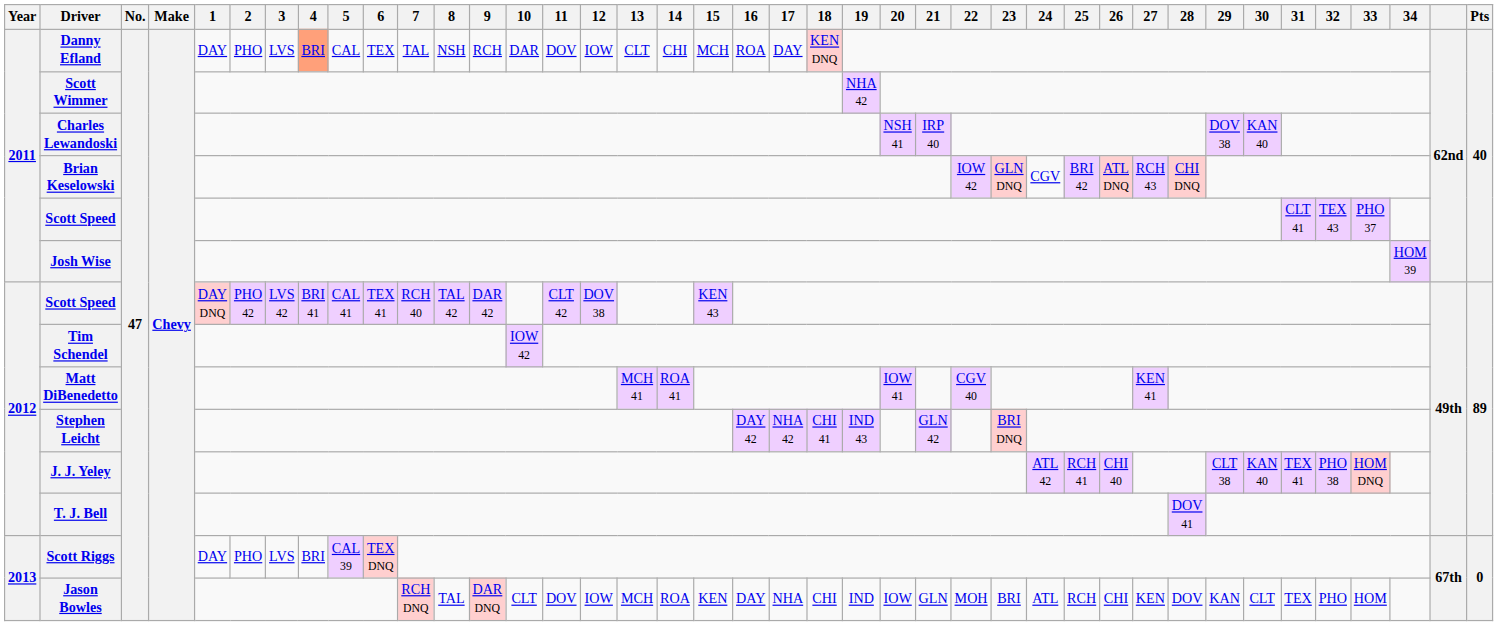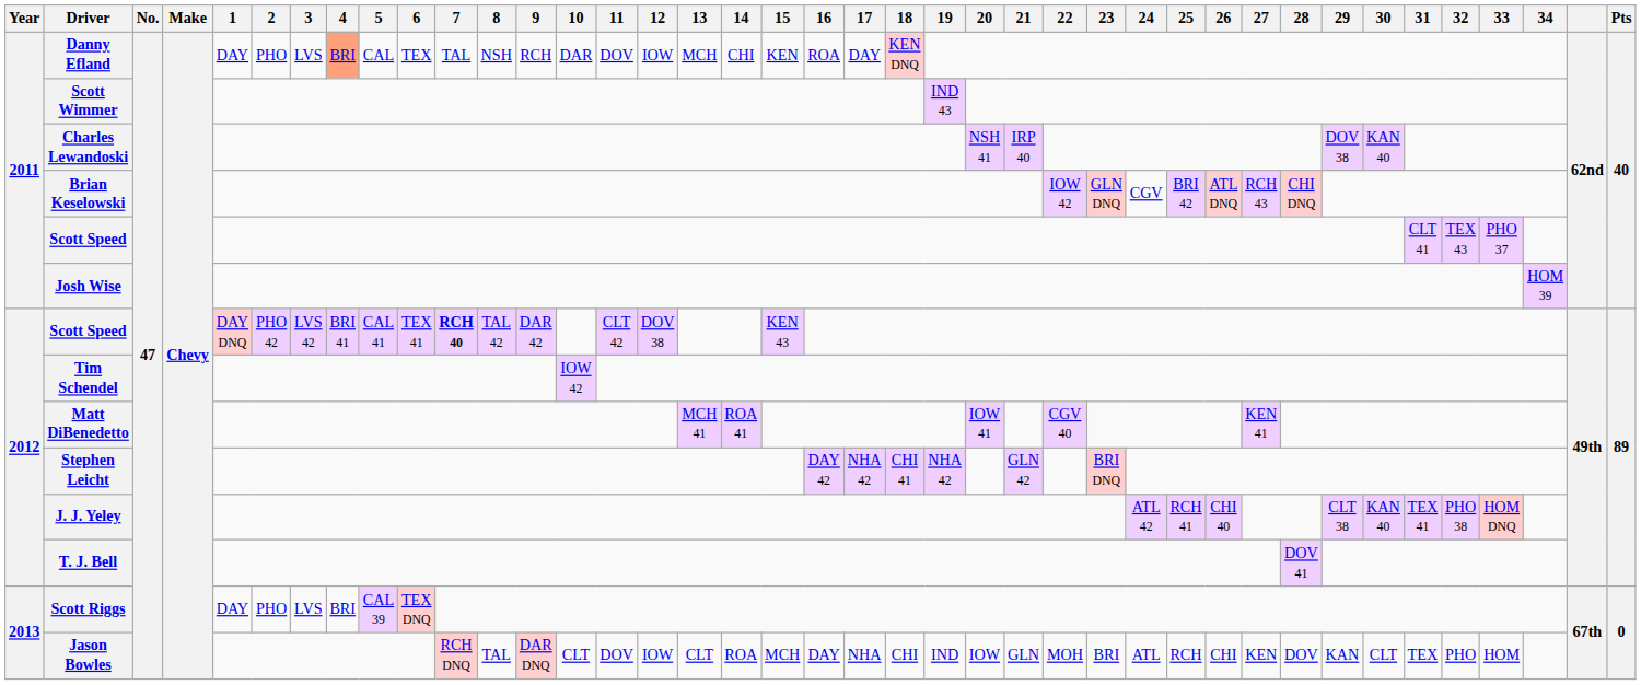 <table class="wikitable" style="text-align:center; font-size:75%">
 <tr>
 <th>Year</th>
 <th>Driver</th>
 <th>No.</th>
 <th>Make</th>
 <th>1</th>
 <th>2</th>
 <th>3</th>
 <th>4</th>
 <th>5</th>
 <th>6</th>
 <th>7</th>
 <th>8</th>
 <th>9</th>
 <th>10</th>
 <th>11</th>
 <th>12</th>
 <th>13</th>
 <th>14</th>
 <th>15</th>
 <th>16</th>
 <th>17</th>
 <th>18</th>
 <th>19</th>
 <th>20</th>
 <th>21</th>
 <th>22</th>
 <th>23</th>
 <th>24</th>
 <th>25</th>
 <th>26</th>
 <th>27</th>
 <th>28</th>
 <th>29</th>
 <th>30</th>
 <th>31</th>
 <th>32</th>
 <th>33</th>
 <th>34</th>
 <th></th>
 <th>Pts</th>
 </tr>
 <tr>
 <th rowspan=6><a href='#'>2011</a></th>
 <th><a href='#'>Danny Efland</a></th>
 <th rowspan=14>47</th>
 <th rowspan=14><a href='#'>Chevy</a></th>
 <td><a href='#'>DAY</a></td>
 <td><a href='#'>PHO</a></td>
 <td><a href='#'>LVS</a></td>
 <td style="background: lightsalmon;"><a href='#'>BRI</a></td>
 <td><a href='#'>CAL</a></td>
 <td><a href='#'>TEX</a></td>
 <td><a href='#'>TAL</a></td>
 <td><a href='#'>NSH</a></td>
 <td><a href='#'>RCH</a></td>
 <td><a href='#'>DAR</a></td>
 <td><a href='#'>DOV</a></td>
 <td><a href='#'>IOW</a></td>
-<td><a href='#'>CLT</a></td>
+<td><a href='#'>MCH</a></td>
 <td><a href='#'>CHI</a></td>
-<td><a href='#'>MCH</a></td>
+<td><a href='#'>KEN</a></td>
 <td><a href='#'>ROA</a></td>
 <td><a href='#'>DAY</a></td>
 <td style="background:#FFCFCF;"><a href='#'>KEN</a><br><small>DNQ</small></td>
 <td colspan=16></td>
 <th rowspan=6>62nd</th>
 <th rowspan=6>40</th>
 </tr>
 <tr>
 <th><a href='#'>Scott Wimmer</a></th>
 <td colspan=18></td>
-<td style="background:#EFCFFF;"><a href='#'>NHA</a><br><small>42</small></td>
+<td style="background:#EFCFFF;"><a href='#'>IND</a><br><small>43</small></td>
 <td colspan=15></td>
 </tr>
 <tr>
 <th><a href='#'>Charles Lewandoski</a></th>
 <td colspan=19></td>
 <td style="background:#EFCFFF;"><a href='#'>NSH</a><br><small>41</small></td>
 <td style="background:#EFCFFF;"><a href='#'>IRP</a><br><small>40</small></td>
 <td colspan=7></td>
 <td style="background:#EFCFFF;"><a href='#'>DOV</a><br><small>38</small></td>
 <td style="background:#EFCFFF;"><a href='#'>KAN</a><br><small>40</small></td>
 <td colspan=4></td>
 </tr>
 <tr>
 <th><a href='#'>Brian Keselowski</a></th>
 <td colspan=21></td>
 <td style="background:#EFCFFF;"><a href='#'>IOW</a><br><small>42</small></td>
 <td style="background:#FFCFCF;"><a href='#'>GLN</a><br><small>DNQ</small></td>
 <td><a href='#'>CGV</a></td>
 <td style="background:#EFCFFF;"><a href='#'>BRI</a><br><small>42</small></td>
 <td style="background:#FFCFCF;"><a href='#'>ATL</a><br><small>DNQ</small></td>
 <td style="background:#EFCFFF;"><a href='#'>RCH</a><br><small>43</small></td>
 <td style="background:#FFCFCF;"><a href='#'>CHI</a><br><small>DNQ</small></td>
 <td colspan=6></td>
 </tr>
 <tr>
 <th><a href='#'>Scott Speed</a></th>
 <td colspan=30></td>
 <td style="background:#EFCFFF;"><a href='#'>CLT</a><br><small>41</small></td>
 <td style="background:#EFCFFF;"><a href='#'>TEX</a><br><small>43</small></td>
 <td style="background:#EFCFFF;"><a href='#'>PHO</a><br><small>37</small></td>
 <td></td>
 </tr>
 <tr>
 <th><a href='#'>Josh Wise</a></th>
 <td colspan=33></td>
 <td style="background:#EFCFFF;"><a href='#'>HOM</a><br><small>39</small></td>
 </tr>
 <tr>
 <th rowspan=6><a href='#'>2012</a></th>
 <th><a href='#'>Scott Speed</a></th>
 <td style="background:#FFCFCF;"><a href='#'>DAY</a><br><small>DNQ</small></td>
 <td style="background:#EFCFFF;"><a href='#'>PHO</a><br><small>42</small></td>
 <td style="background:#EFCFFF;"><a href='#'>LVS</a><br><small>42</small></td>
 <td style="background:#EFCFFF;"><a href='#'>BRI</a><br><small>41</small></td>
 <td style="background:#EFCFFF;"><a href='#'>CAL</a><br><small>41</small></td>
 <td style="background:#EFCFFF;"><a href='#'>TEX</a><br><small>41</small></td>
-<td style="background:#EFCFFF;"><a href='#'>RCH</a><br><small>40</small></td>
+<td style="background:#EFCFFF;"><strong><a href='#'>RCH</a><br><small>40</small></strong></td>
 <td style="background:#EFCFFF;"><a href='#'>TAL</a><br><small>42</small></td>
 <td style="background:#EFCFFF;"><a href='#'>DAR</a><br><small>42</small></td>
 <td></td>
 <td style="background:#EFCFFF;"><a href='#'>CLT</a><br><small>42</small></td>
 <td style="background:#EFCFFF;"><a href='#'>DOV</a><br><small>38</small></td>
 <td colspan=2></td>
 <td style="background:#EFCFFF;"><a href='#'>KEN</a><br><small>43</small></td>
 <td colspan=19></td>
 <th rowspan=6>49th</th>
 <th rowspan=6>89</th>
 </tr>
 <tr>
 <th><a href='#'>Tim Schendel</a></th>
 <td colspan=9></td>
 <td style="background:#EFCFFF;"><a href='#'>IOW</a><br><small>42</small></td>
 <td colspan=24></td>
 </tr>
 <tr>
 <th><a href='#'>Matt DiBenedetto</a></th>
 <td colspan=12></td>
 <td style="background:#EFCFFF;"><a href='#'>MCH</a><br><small>41</small></td>
 <td style="background:#EFCFFF;"><a href='#'>ROA</a><br><small>41</small></td>
 <td colspan=5></td>
 <td style="background:#EFCFFF;"><a href='#'>IOW</a><br><small>41</small></td>
 <td></td>
 <td style="background:#EFCFFF;"><a href='#'>CGV</a><br><small>40</small></td>
 <td colspan=4></td>
 <td style="background:#EFCFFF;"><a href='#'>KEN</a><br><small>41</small></td>
 <td colspan=7></td>
 </tr>
 <tr>
 <th><a href='#'>Stephen Leicht</a></th>
 <td colspan=15></td>
 <td style="background:#EFCFFF;"><a href='#'>DAY</a><br><small>42</small></td>
 <td style="background:#EFCFFF;"><a href='#'>NHA</a><br><small>42</small></td>
 <td style="background:#EFCFFF;"><a href='#'>CHI</a><br><small>41</small></td>
-<td style="background:#EFCFFF;"><a href='#'>IND</a><br><small>43</small></td>
+<td style="background:#EFCFFF;"><a href='#'>NHA</a><br><small>42</small></td>
 <td></td>
 <td style="background:#EFCFFF;"><a href='#'>GLN</a><br><small>42</small></td>
 <td></td>
 <td style="background:#FFCFCF;"><a href='#'>BRI</a><br><small>DNQ</small></td>
 <td colspan=11></td>
 </tr>
 <tr>
 <th><a href='#'>J. J. Yeley</a></th>
 <td colspan=23></td>
 <td style="background:#EFCFFF;"><a href='#'>ATL</a><br><small>42</small></td>
 <td style="background:#EFCFFF;"><a href='#'>RCH</a><br><small>41</small></td>
 <td style="background:#EFCFFF;"><a href='#'>CHI</a><br><small>40</small></td>
 <td colspan=2></td>
 <td style="background:#EFCFFF;"><a href='#'>CLT</a><br><small>38</small></td>
 <td style="background:#EFCFFF;"><a href='#'>KAN</a><br><small>40</small></td>
 <td style="background:#EFCFFF;"><a href='#'>TEX</a><br><small>41</small></td>
 <td style="background:#EFCFFF;"><a href='#'>PHO</a><br><small>38</small></td>
 <td style="background:#FFCFCF;"><a href='#'>HOM</a><br><small>DNQ</small></td>
 <td></td>
 </tr>
 <tr>
 <th><a href='#'>T. J. Bell</a></th>
 <td colspan=27></td>
 <td style="background:#EFCFFF;"><a href='#'>DOV</a><br><small>41</small></td>
 <td colspan=6></td>
 </tr>
 <tr>
 <th rowspan=2><a href='#'>2013</a></th>
 <th><a href='#'>Scott Riggs</a></th>
 <td><a href='#'>DAY</a></td>
 <td><a href='#'>PHO</a></td>
 <td><a href='#'>LVS</a></td>
 <td><a href='#'>BRI</a></td>
 <td style="background:#efcfff;"><a href='#'>CAL</a><br><small>39</small></td>
 <td style="background:#ffcfcf;"><a href='#'>TEX</a><br><small>DNQ</small></td>
 <td colspan=28></td>
 <th rowspan=2>67th</th>
 <th rowspan=2>0</th>
 </tr>
 <tr>
 <th><a href='#'>Jason Bowles</a></th>
 <td colspan=6></td>
 <td style="background:#ffcfcf;"><a href='#'>RCH</a><br><small>DNQ</small></td>
 <td><a href='#'>TAL</a></td>
 <td style="background:#ffcfcf;"><a href='#'>DAR</a><br><small>DNQ</small></td>
 <td><a href='#'>CLT</a></td>
 <td><a href='#'>DOV</a></td>
 <td><a href='#'>IOW</a></td>
+<td><a href='#'>CLT</a></td>
+<td><a href='#'>ROA</a></td>
 <td><a href='#'>MCH</a></td>
-<td><a href='#'>ROA</a></td>
-<td><a href='#'>KEN</a></td>
 <td><a href='#'>DAY</a></td>
 <td><a href='#'>NHA</a></td>
 <td><a href='#'>CHI</a></td>
 <td><a href='#'>IND</a></td>
 <td><a href='#'>IOW</a></td>
 <td><a href='#'>GLN</a></td>
 <td><a href='#'>MOH</a></td>
 <td><a href='#'>BRI</a></td>
 <td><a href='#'>ATL</a></td>
 <td><a href='#'>RCH</a></td>
 <td><a href='#'>CHI</a></td>
 <td><a href='#'>KEN</a></td>
 <td><a href='#'>DOV</a></td>
 <td><a href='#'>KAN</a></td>
 <td><a href='#'>CLT</a></td>
 <td><a href='#'>TEX</a></td>
 <td><a href='#'>PHO</a></td>
 <td><a href='#'>HOM</a></td>
 <td></td>
 </tr>
 </table>
